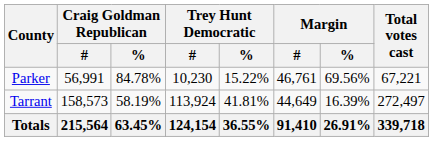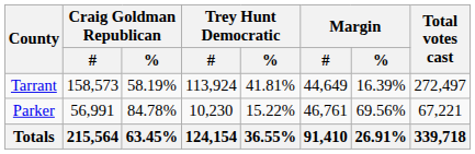 <table width="60%"  class="wikitable sortable" style="text-align:center">
 <tr>
 <th rowspan="2">County</th>
 <th style="text-align:center;" colspan="2">Craig Goldman<br>Republican</th>
 <th style="text-align:center;" colspan="2">Trey Hunt<br>Democratic</th>
 <th style="text-align:center;" colspan="2">Margin</th>
 <th rowspan="2" style="text-align:center;">Total votes cast</th>
 </tr>
 <tr>
 <th style="text-align:center;" data-sort-type="number">#</th>
 <th style="text-align:center;" data-sort-type="number">%</th>
 <th style="text-align:center;" data-sort-type="number">#</th>
 <th style="text-align:center;" data-sort-type="number">%</th>
 <th style="text-align:center;" data-sort-type="number">#</th>
 <th style="text-align:center;" data-sort-type="number">%</th>
 </tr>
 <tr style="text-align:center;">
+<td style="background-color:"><a href='#'>Tarrant</a></td>
+<td style="background-color:">158,573</td>
+<td style="background-color:">58.19%</td>
+<td style="color:black;background-color:">113,924</td>
+<td style="color:black;background-color:">41.81%</td>
+<td style="background-color:">44,649</td>
+<td style="background-color:">16.39%</td>
+<td style="background-color:">272,497</td>
+</tr>
+<tr style="text-align:center;">
 <td style="background-color:"><a href='#'>Parker</a></td>
 <td style="background-color:">56,991</td>
 <td style="background-color:">84.78%</td>
 <td style="color:black;background-color:">10,230</td>
 <td style="color:black;background-color:">15.22%</td>
 <td style="background-color:">46,761</td>
 <td style="background-color:">69.56%</td>
 <td style="background-color:">67,221</td>
-</tr>
-<tr style="text-align:center;">
-<td style="background-color:"><a href='#'>Tarrant</a></td>
-<td style="background-color:">158,573</td>
-<td style="background-color:">58.19%</td>
-<td style="color:black;background-color:">113,924</td>
-<td style="color:black;background-color:">41.81%</td>
-<td style="background-color:">44,649</td>
-<td style="background-color:">16.39%</td>
-<td style="background-color:">272,497</td>
 </tr>
 <tr style="text-align:center;">
 <th>Totals</th>
 <th>215,564</th>
 <th>63.45%</th>
 <th>124,154</th>
 <th>36.55%</th>
 <th>91,410</th>
 <th>26.91%</th>
 <th>339,718</th>
 </tr>
 </table>
